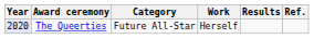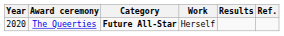 <table class="wikitable sortable" >
 <tr>
 <th>Year</th>
 <th>Award ceremony</th>
 <th>Category</th>
 <th>Work</th>
 <th>Results</th>
 <th>Ref.</th>
 </tr>
 <tr>
-<td style="background: lavender; text-align:center">2020</td>
+<td style="text-align:center">2020</td>
 <td style="text-align:center"><a href='#'>The Queerties</a></td>
-<td style="text-align:center">Future All-Star</td>
+<td style="text-align:center"><strong>Future All-Star</strong></td>
 <td style="text-align:center">Herself</td>
 <td></td>
 <td style="text-align:center"></td>
 </tr>
 </table>
